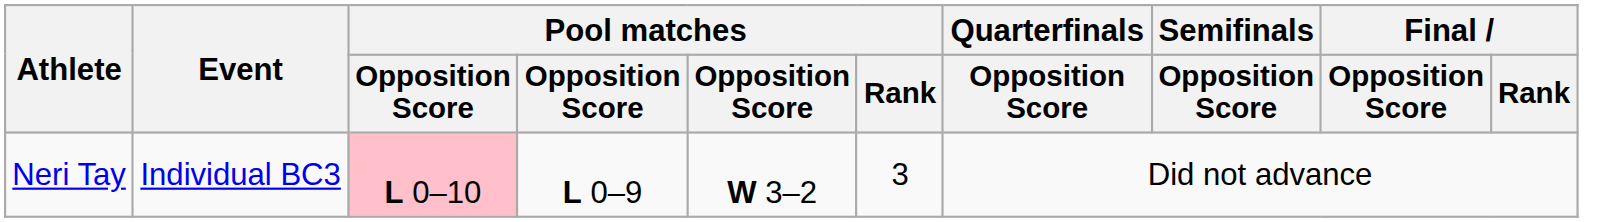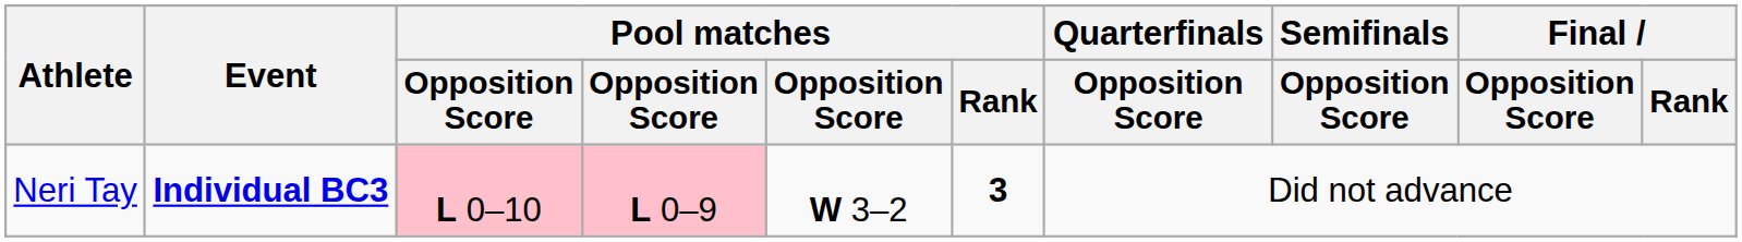 <table class=wikitable style="font-size:90%">
 <tr>
 <th rowspan="2">Athlete</th>
 <th rowspan="2">Event</th>
 <th colspan="4">Pool matches</th>
 <th>Quarterfinals</th>
 <th>Semifinals</th>
 <th colspan=2>Final / </th>
 </tr>
 <tr style="font-size:95%">
 <th>Opposition<br>Score</th>
 <th>Opposition<br>Score</th>
 <th>Opposition<br>Score</th>
 <th>Rank</th>
 <th>Opposition<br>Score</th>
 <th>Opposition<br>Score</th>
 <th>Opposition<br>Score</th>
 <th>Rank</th>
 </tr>
 <tr align=center>
 <td align=left><a href='#'>Neri Tay</a></td>
-<td align=left><a href='#'>Individual BC3</a></td>
+<td align=left><strong><a href='#'>Individual BC3</a></strong></td>
 <td style="background: pink;"><br><strong>L</strong> 0–10</td>
-<td><br><strong>L</strong> 0–9</td>
+<td style="background: pink;"><br><strong>L</strong> 0–9</td>
 <td><br><strong>W</strong> 3–2</td>
-<td>3</td>
+<td><strong>3</strong></td>
 <td colspan=4>Did not advance</td>
 </tr>
 </table>
